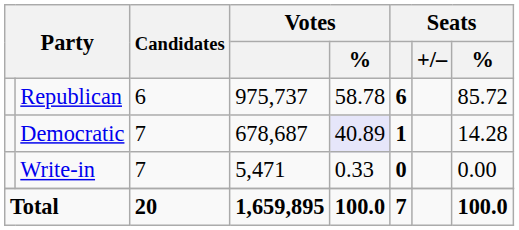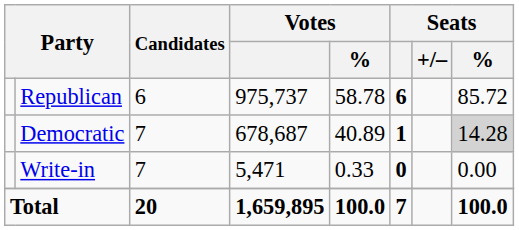 <table class="wikitable" style="font-size: 95%;">
 <tr>
 <th colspan="2" rowspan="2">Party</th>
 <th rowspan="2"><small>Candi</small><small>dates</small></th>
 <th colspan="2">Votes</th>
 <th colspan="3">Seats</th>
 </tr>
 <tr>
 <th></th>
 <th>%</th>
 <th></th>
 <th>+/–</th>
 <th>%</th>
 </tr>
 <tr>
 <td style="background:"></td>
 <td align="left"><a href='#'>Republican</a></td>
 <td>6</td>
 <td>975,737</td>
 <td>58.78</td>
 <td><strong>6</strong></td>
 <td></td>
 <td>85.72</td>
 </tr>
 <tr>
 <td style="background:"></td>
 <td align="left"><a href='#'>Democratic</a></td>
 <td>7</td>
 <td>678,687</td>
-<td style="background: lavender;">40.89</td>
+<td>40.89</td>
 <td><strong>1</strong></td>
 <td></td>
-<td>14.28</td>
+<td style="background: lightgrey;">14.28</td>
 </tr>
 <tr>
 <td style="background:"></td>
 <td align="left"><a href='#'>Write-in</a></td>
 <td>7</td>
 <td>5,471</td>
 <td>0.33</td>
 <td><strong>0</strong></td>
 <td></td>
 <td>0.00</td>
 </tr>
 <tr>
 </tr>
 <tr style="font-weight:bold">
 <td colspan="2" align="left">Total</td>
 <td>20</td>
 <td>1,659,895</td>
 <td>100.0</td>
 <td>7</td>
 <td></td>
 <td>100.0</td>
 </tr>
 </table>
